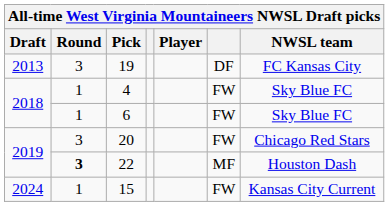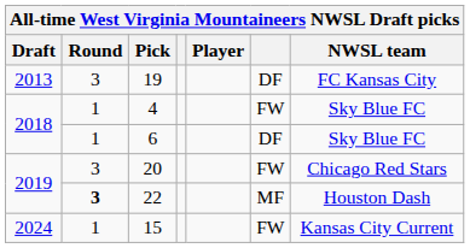 <table class="wikitable sortable" style="text-align: center;">
 <tr>
 <th colspan="7" style="background:#">All-time <a href='#'><span>West Virginia Mountaineers</span></a> NWSL Draft picks</th>
 </tr>
 <tr>
 <th scope="col">Draft</th>
 <th scope="col">Round</th>
 <th scope="col">Pick</th>
 <th scope="col"></th>
 <th scope="col">Player</th>
 <th scope="col"></th>
 <th scope="col">NWSL team</th>
 </tr>
 <tr>
 <td><a href='#'>2013</a></td>
 <td>3</td>
 <td>19</td>
 <td></td>
 <td></td>
 <td>DF</td>
 <td><a href='#'>FC Kansas City</a></td>
 </tr>
 <tr>
 <td rowspan="2"><a href='#'>2018</a></td>
 <td>1</td>
 <td>4</td>
 <td></td>
 <td></td>
 <td>FW</td>
 <td><a href='#'>Sky Blue FC</a></td>
 </tr>
 <tr>
 <td>1</td>
 <td>6</td>
 <td></td>
 <td></td>
-<td>FW</td>
+<td>DF</td>
 <td><a href='#'>Sky Blue FC</a></td>
 </tr>
 <tr>
 <td rowspan="2"><a href='#'>2019</a></td>
 <td>3</td>
 <td>20</td>
 <td></td>
 <td></td>
 <td>FW</td>
 <td><a href='#'>Chicago Red Stars</a></td>
 </tr>
 <tr>
 <td><strong>3</strong></td>
 <td>22</td>
 <td></td>
 <td></td>
 <td>MF</td>
 <td><a href='#'>Houston Dash</a></td>
 </tr>
 <tr>
 <td><a href='#'>2024</a></td>
 <td>1</td>
 <td>15</td>
 <td></td>
 <td></td>
 <td>FW</td>
 <td><a href='#'>Kansas City Current</a></td>
 </tr>
 </table>
